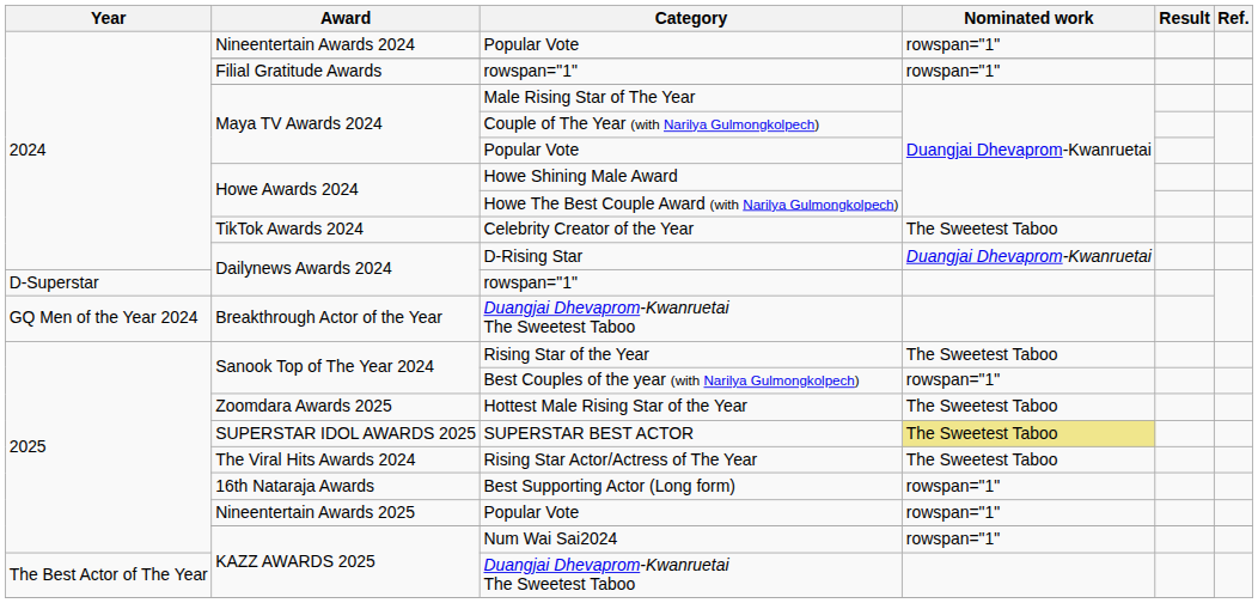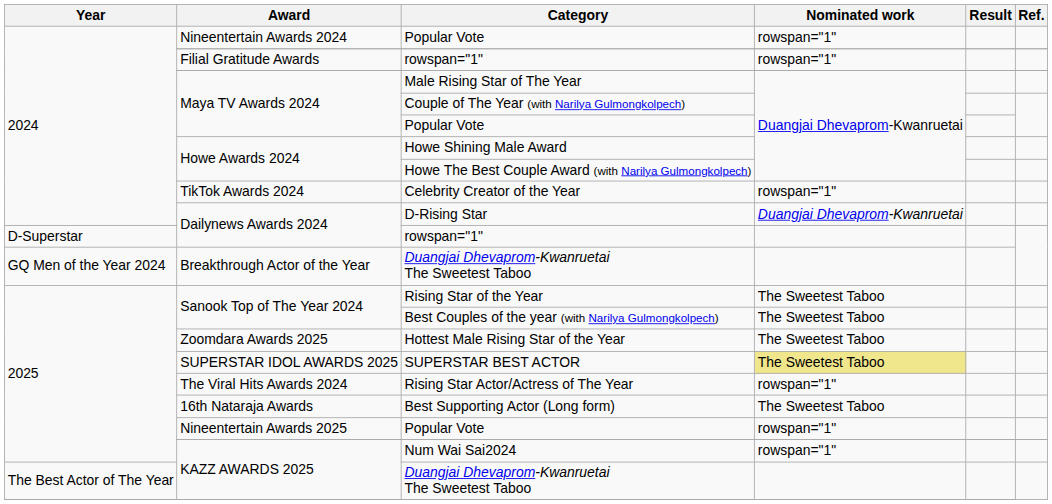 <table class="wikitable">
 <tr>
 <th>Year</th>
 <th>Award</th>
 <th>Category</th>
 <th>Nominated work</th>
 <th>Result</th>
 <th>Ref.</th>
 </tr>
 <tr>
 <td rowspan="11">2024</td>
 <td>Nineentertain Awards 2024</td>
 <td>Popular Vote</td>
 <td>rowspan="1" </td>
 <td></td>
 <td></td>
 </tr>
 <tr>
 </tr>
 <tr>
 <td>Filial Gratitude Awards</td>
 <td>rowspan="1" </td>
 <td>rowspan="1" </td>
 <td></td>
 <td></td>
 </tr>
 <tr>
 </tr>
 <tr>
 <td rowspan="3">Maya TV Awards 2024</td>
 <td>Male Rising Star of The Year</td>
 <td rowspan="5"><a href='#'>Duangjai Dhevaprom</a>-Kwanruetai</td>
 <td></td>
 <td></td>
 </tr>
 <tr>
 <td>Couple of The Year <small>(with <a href='#'>Narilya Gulmongkolpech</a>)</small></td>
 <td></td>
 <td rowspan="2"></td>
 </tr>
 <tr>
 <td>Popular Vote</td>
 <td></td>
 </tr>
 <tr>
 <td rowspan = "2">Howe Awards 2024</td>
 <td>Howe Shining Male Award</td>
 <td></td>
 <td></td>
 </tr>
 <tr>
 <td>Howe The Best Couple Award <small>(with <a href='#'>Narilya Gulmongkolpech</a>)</small></td>
 <td></td>
 <td></td>
 </tr>
 <tr>
 <td>TikTok Awards 2024</td>
 <td>Celebrity Creator of the Year</td>
-<td>The Sweetest Taboo</td>
+<td>rowspan="1" </td>
 <td></td>
 <td style="text-align:center;"></td>
 </tr>
 <tr>
 <td rowspan="2">Dailynews Awards 2024</td>
 <td>D-Rising Star</td>
 <td><em><a href='#'>Duangjai Dhevaprom</a>-Kwanruetai</em></td>
 <td></td>
 <td></td>
 </tr>
 <tr>
 <td>D-Superstar</td>
 <td>rowspan="1" </td>
 <td></td>
 <td></td>
 </tr>
 <tr>
 <td>GQ Men of the Year 2024</td>
 <td>Breakthrough Actor of the Year</td>
 <td><em><a href='#'>Duangjai Dhevaprom</a>-Kwanruetai</em><br>The Sweetest Taboo</td>
 <td></td>
 <td></td>
 </tr>
 <tr>
 <td rowspan="9">2025</td>
 <td rowspan="2">Sanook Top of The Year 2024</td>
 <td>Rising Star of the Year</td>
 <td>The Sweetest Taboo</td>
 <td></td>
 <td></td>
 </tr>
 <tr>
 <td>Best Couples of the year <small>(with <a href='#'>Narilya Gulmongkolpech</a>)</small></td>
-<td>rowspan="1" </td>
+<td>The Sweetest Taboo</td>
 <td></td>
 <td></td>
 </tr>
 <tr>
 <td>Zoomdara Awards 2025</td>
 <td>Hottest Male Rising Star of the Year</td>
 <td>The Sweetest Taboo</td>
 <td></td>
 <td></td>
 </tr>
 <tr>
 <td>SUPERSTAR IDOL AWARDS 2025</td>
 <td>SUPERSTAR BEST ACTOR</td>
 <td style="background: khaki;">The Sweetest Taboo</td>
 <td></td>
 <td></td>
 </tr>
 <tr>
 <td>The Viral Hits Awards 2024</td>
 <td>Rising Star Actor/Actress of The Year</td>
-<td>The Sweetest Taboo</td>
+<td>rowspan="1" </td>
 <td></td>
 <td style="text-align:center;"></td>
 </tr>
 <tr>
 <td>16th Nataraja Awards</td>
 <td>Best Supporting Actor (Long form)</td>
-<td>rowspan="1" </td>
+<td>The Sweetest Taboo</td>
 <td></td>
 <td style="text-align:center;"></td>
 </tr>
 <tr>
 <td>Nineentertain Awards 2025</td>
 <td>Popular Vote</td>
 <td>rowspan="1" </td>
 <td></td>
 <td></td>
 </tr>
 <tr>
 </tr>
 <tr>
 <td rowspan="2">KAZZ AWARDS 2025</td>
 <td>Num Wai Sai2024</td>
 <td>rowspan="1" </td>
 <td></td>
 <td></td>
 </tr>
 <tr>
 <td>The Best Actor of The Year</td>
 <td><em><a href='#'>Duangjai Dhevaprom</a>-Kwanruetai</em><br>The Sweetest Taboo</td>
 <td></td>
 <td></td>
 </tr>
 <tr }>
 </tr>
 </table>
